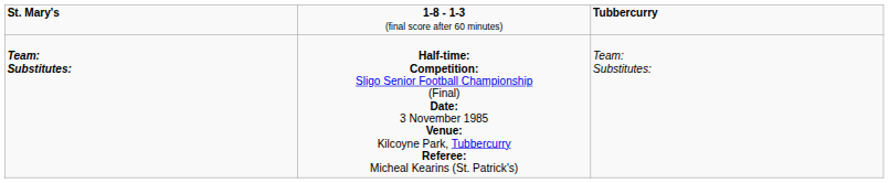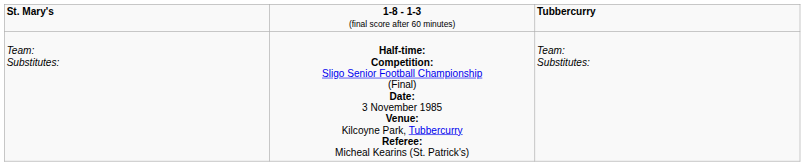 <table border=0 class="wikitable" width=100%>
 <tr>
 <td width=33% valign=top><span><strong>St. Mary's</strong></span><br><small></small></td>
 <td width=33% valign=top align=center><span><strong>1-8 - 1-3</strong></span><br><small>(final score after 60 minutes)</small></td>
 <td width=33% valign=top><span><strong>Tubbercurry</strong></span><br><small></small></td>
 </tr>
 <tr>
-<td valign=top><strong><br><em>Team:</em> <br><em>Substitutes:</em> <br></strong></td>
+<td valign=top><br><em>Team:</em> <br><em>Substitutes:</em> <br></td>
 <td valign=middle align=center><br><strong>Half-time:</strong><br><strong>Competition:</strong><br><a href='#'>Sligo Senior Football Championship</a><br>(Final)<br><strong>Date:</strong><br>3 November 1985<br><strong>Venue:</strong><br>Kilcoyne Park, <a href='#'>Tubbercurry</a><br><strong>Referee:</strong><br>Micheal Kearins (St. Patrick's)<br></td>
 <td valign=top><br><em>Team:</em> <br><em>Substitutes:</em> <br></td>
 </tr>
 </table>
